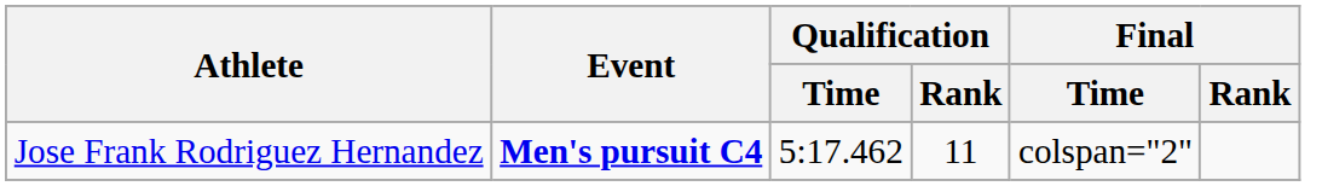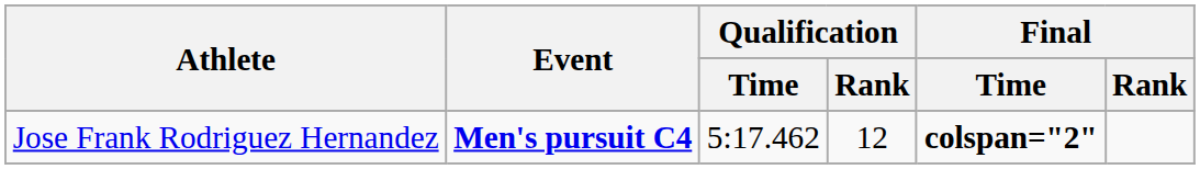 <table class=wikitable style=font-size:95%;text-align:center>
 <tr>
 <th rowspan="2">Athlete</th>
 <th rowspan="2">Event</th>
 <th colspan="2">Qualification</th>
 <th colspan="2">Final</th>
 </tr>
 <tr>
 <th>Time</th>
 <th>Rank</th>
 <th>Time</th>
 <th>Rank</th>
 </tr>
 <tr align="center">
 <td rowspan="2" align="left"><a href='#'>Jose Frank Rodriguez Hernandez</a></td>
 <td align="left"><strong><a href='#'>Men's pursuit C4</a></strong></td>
 <td>5:17.462</td>
-<td>11</td>
-<td>colspan="2" </td>
+<td>12</td>
+<td><strong>colspan="2" </strong></td>
 </tr>
 </table>
